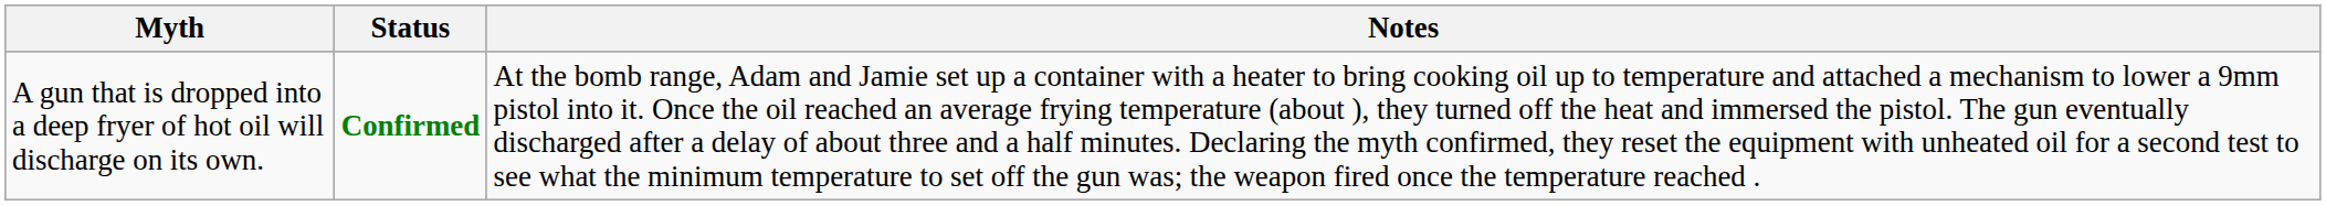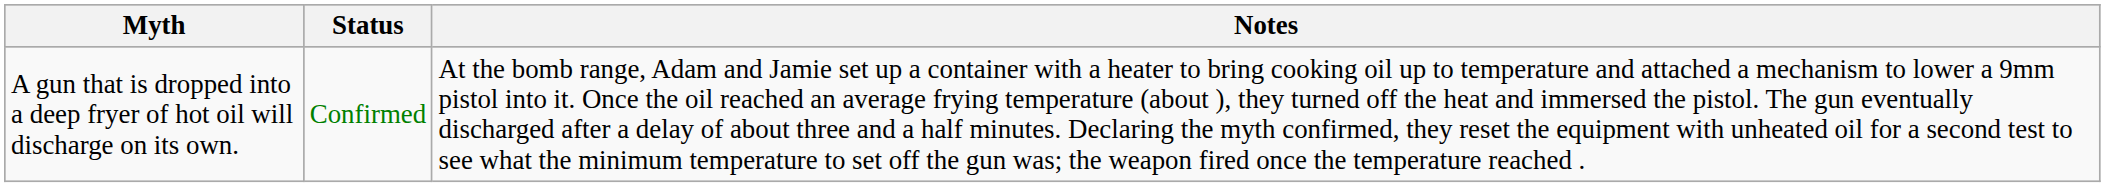 <table class="wikitable plainrowheaders">
 <tr>
 <th scope"col">Myth</th>
 <th scope"col">Status</th>
 <th scope"col">Notes</th>
 </tr>
 <tr>
 <td scope"row">A gun that is dropped into a deep fryer of hot oil will discharge on its own.</td>
-<td style="color:green"><strong>Confirmed</strong></td>
+<td style="color:green">Confirmed</td>
 <td>At the bomb range, Adam and Jamie set up a container with a heater to bring cooking oil up to temperature and attached a mechanism to lower a 9mm pistol into it. Once the oil reached an average frying temperature (about ), they turned off the heat and immersed the pistol. The gun eventually discharged after a delay of about three and a half minutes. Declaring the myth confirmed, they reset the equipment with unheated oil for a second test to see what the minimum temperature to set off the gun was; the weapon fired once the temperature reached .</td>
 </tr>
 </table>
